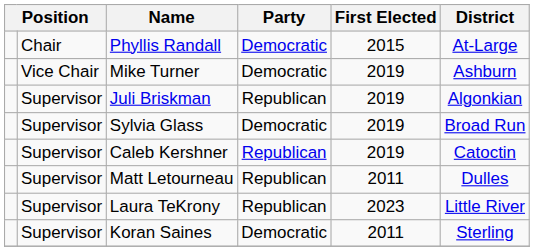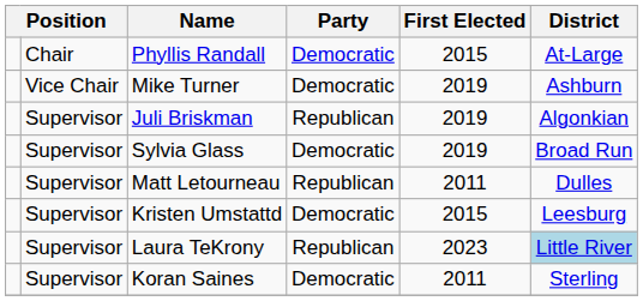 <table class=wikitable>
 <tr>
 <th colspan=2 align=center valign=bottom>Position</th>
 <th style="text-align:center;">Name</th>
 <th valign=bottom>Party</th>
 <th valign=bottom align=center>First Elected</th>
 <th valign=bottom align=center>District</th>
 </tr>
 <tr>
 <td style="background-color:"> </td>
 <td>Chair</td>
 <td><a href='#'>Phyllis Randall</a></td>
 <td style="text-align:center;"><a href='#'>Democratic</a></td>
 <td style="text-align:center;">2015</td>
 <td style="text-align:center;"><a href='#'>At-Large</a></td>
 </tr>
 <tr>
 <td style="background-color:"> </td>
 <td>Vice Chair</td>
 <td>Mike Turner</td>
 <td style="text-align:center;">Democratic</td>
 <td style="text-align:center;">2019</td>
 <td style="text-align:center;"><a href='#'>Ashburn</a></td>
 </tr>
 <tr>
 <td style="background-color:"> </td>
 <td>Supervisor</td>
 <td><a href='#'>Juli Briskman</a></td>
 <td style="text-align:center;">Republican</td>
 <td style="text-align:center;">2019</td>
 <td style="text-align:center;"><a href='#'>Algonkian</a></td>
 </tr>
 <tr>
 <td style="background-color:"> </td>
 <td>Supervisor</td>
 <td>Sylvia Glass</td>
 <td style="text-align:center;">Democratic</td>
 <td style="text-align:center;">2019</td>
 <td style="text-align:center;"><a href='#'>Broad Run</a></td>
 </tr>
 <tr>
 <td style="background-color:"> </td>
 <td>Supervisor</td>
-<td>Caleb Kershner</td>
-<td style="text-align:center;"><a href='#'>Republican</a></td>
-<td style="text-align:center;">2019</td>
-<td style="text-align:center;"><a href='#'>Catoctin</a></td>
-</tr>
-<tr>
-<td style="background-color:"> </td>
-<td>Supervisor</td>
 <td>Matt Letourneau</td>
 <td style="text-align:center;">Republican</td>
 <td style="text-align:center;">2011</td>
 <td style="text-align:center;"><a href='#'>Dulles</a></td>
 </tr>
 <tr>
 <td style="background-color:"> </td>
 <td>Supervisor</td>
+<td>Kristen Umstattd</td>
+<td style="text-align:center;">Democratic</td>
+<td style="text-align:center;">2015</td>
+<td style="text-align:center;"><a href='#'>Leesburg</a></td>
+</tr>
+<tr>
+<td style="background-color:"> </td>
+<td>Supervisor</td>
 <td>Laura TeKrony</td>
 <td style="text-align:center;">Republican</td>
 <td style="text-align:center;">2023</td>
-<td style="text-align:center;"><a href='#'>Little River</a></td>
+<td style="background: lightblue; text-align:center;"><a href='#'>Little River</a></td>
 </tr>
 <tr>
 <td style="background-color:"> </td>
 <td>Supervisor</td>
 <td>Koran Saines</td>
 <td style="text-align:center;">Democratic</td>
 <td style="text-align:center;">2011</td>
 <td style="text-align:center;"><a href='#'>Sterling</a></td>
 </tr>
 <tr>
 </tr>
 </table>
